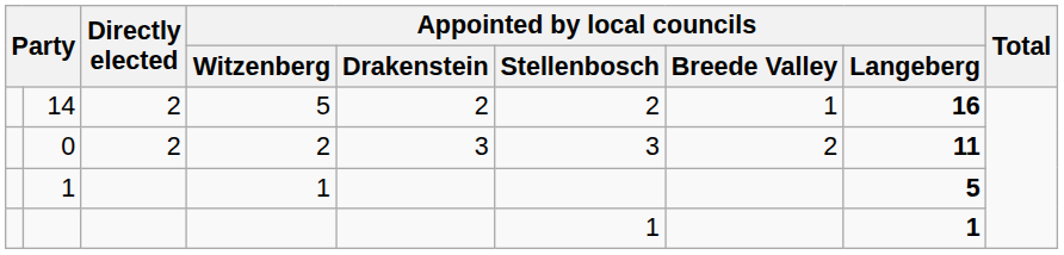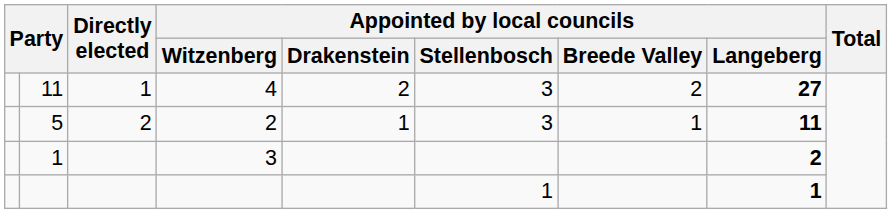 <table class=wikitable style="text-align:right">
 <tr>
 <th colspan="2" rowspan="2">Party</th>
 <th rowspan="2">Directly<br>elected</th>
 <th colspan="5">Appointed by local councils</th>
 <th rowspan="2">Total</th>
 </tr>
 <tr>
 <th>Witzenberg</th>
 <th>Drakenstein</th>
 <th>Stellenbosch</th>
 <th>Breede Valley</th>
 <th>Langeberg</th>
 </tr>
 <tr>
 <td></td>
-<td>14</td>
+<td>11</td>
+<td>1</td>
+<td>4</td>
 <td>2</td>
+<td>3</td>
+<td>2</td>
+<td><strong>27</strong></td>
+</tr>
+<tr>
+<td></td>
 <td>5</td>
 <td>2</td>
 <td>2</td>
 <td>1</td>
-<td><strong>16</strong></td>
-</tr>
-<tr>
-<td></td>
-<td>0</td>
-<td>2</td>
-<td>2</td>
 <td>3</td>
-<td>3</td>
-<td>2</td>
+<td>1</td>
 <td><strong>11</strong></td>
 </tr>
 <tr>
 <td></td>
 <td>1</td>
 <td></td>
-<td>1</td>
+<td>3</td>
 <td></td>
 <td></td>
 <td></td>
-<td><strong>5</strong></td>
+<td><strong>2</strong></td>
 </tr>
 <tr>
 <td></td>
 <td></td>
 <td></td>
 <td></td>
 <td></td>
 <td>1</td>
 <td></td>
 <td><strong>1</strong></td>
 </tr>
 </table>
